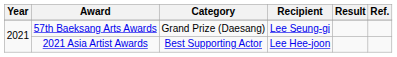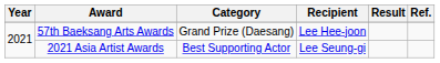 <table class="wikitable sortable plainrowheaders" style="text-align:center;">
 <tr>
 <th>Year</th>
 <th>Award</th>
 <th>Category</th>
 <th>Recipient</th>
 <th>Result</th>
 <th>Ref.</th>
 </tr>
 <tr>
 </tr>
 <tr>
 <td rowspan="2">2021</td>
 <td><a href='#'>57th Baeksang Arts Awards</a></td>
 <td>Grand Prize (Daesang)</td>
-<td><a href='#'>Lee Seung-gi</a></td>
+<td><a href='#'>Lee Hee-joon</a></td>
 <td></td>
 <td></td>
 </tr>
 <tr>
 <td><a href='#'>2021 Asia Artist Awards</a></td>
 <td><a href='#'>Best Supporting Actor</a></td>
-<td><a href='#'>Lee Hee-joon</a></td>
+<td><a href='#'>Lee Seung-gi</a></td>
 <td></td>
 <td></td>
 </tr>
 </table>
